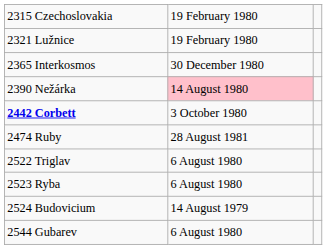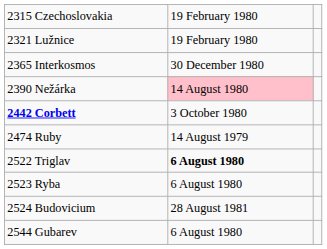 <table class="wikitable" style="font-size: 89%; float: left; width: 26em; margin-right: 1em; height: 280px;">
 <tr>
 <td>2315 Czechoslovakia</td>
 <td>19 February 1980</td>
 <td></td>
 </tr>
 <tr>
 <td>2321 Lužnice</td>
 <td>19 February 1980</td>
 <td></td>
 </tr>
 <tr>
 <td>2365 Interkosmos</td>
 <td>30 December 1980</td>
 <td></td>
 </tr>
 <tr>
 <td>2390 Nežárka</td>
 <td style="background: pink;">14 August 1980</td>
 <td></td>
 </tr>
 <tr>
 <td><strong><a href='#'>2442 Corbett</a></strong></td>
 <td>3 October 1980</td>
 <td></td>
 </tr>
 <tr>
 <td>2474 Ruby</td>
-<td>28 August 1981</td>
+<td>14 August 1979</td>
 <td></td>
 </tr>
 <tr>
 <td>2522 Triglav</td>
-<td>6 August 1980</td>
+<td><strong>6 August 1980</strong></td>
 <td></td>
 </tr>
 <tr>
 <td>2523 Ryba</td>
 <td>6 August 1980</td>
 <td></td>
 </tr>
 <tr>
 <td>2524 Budovicium</td>
-<td>14 August 1979</td>
+<td>28 August 1981</td>
 <td></td>
 </tr>
 <tr>
 <td>2544 Gubarev</td>
 <td>6 August 1980</td>
 <td></td>
 </tr>
 </table>
